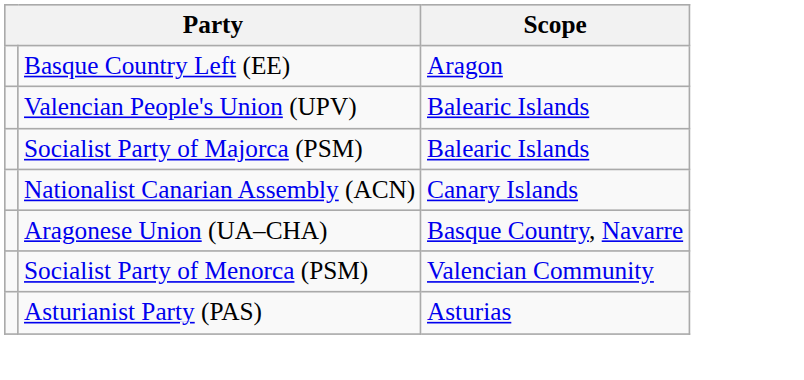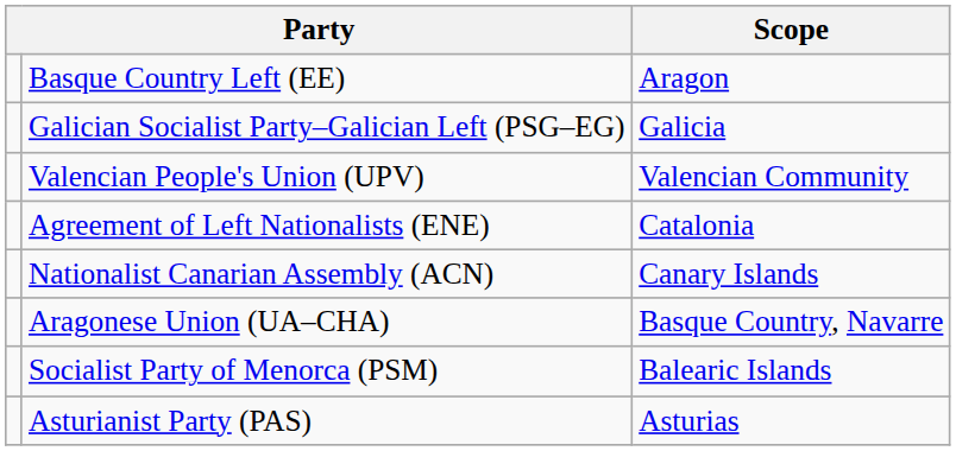 <table class="wikitable" style="text-align:left; font-size:97%;">
 <tr>
 <th colspan="2">Party</th>
 <th>Scope</th>
 </tr>
 <tr>
 <td width="1"></td>
 <td><a href='#'>Basque Country Left</a> (EE)</td>
 <td><a href='#'>Aragon</a></td>
 </tr>
 <tr>
 <td></td>
-<td><a href='#'>Valencian People's Union</a> (UPV)</td>
-<td><a href='#'>Balearic Islands</a></td>
+<td><a href='#'>Galician Socialist Party–Galician Left</a> (PSG–EG)</td>
+<td><a href='#'>Galicia</a></td>
 </tr>
 <tr>
 <td></td>
-<td><a href='#'>Socialist Party of Majorca</a> (PSM)</td>
-<td><a href='#'>Balearic Islands</a></td>
+<td><a href='#'>Valencian People's Union</a> (UPV)</td>
+<td><a href='#'>Valencian Community</a></td>
+</tr>
+<tr>
+<td></td>
+<td><a href='#'>Agreement of Left Nationalists</a> (ENE)</td>
+<td><a href='#'>Catalonia</a></td>
 </tr>
 <tr>
 <td></td>
 <td><a href='#'>Nationalist Canarian Assembly</a> (ACN)</td>
 <td><a href='#'>Canary Islands</a></td>
 </tr>
 <tr>
 <td></td>
 <td><a href='#'>Aragonese Union</a> (UA–CHA)</td>
 <td><a href='#'>Basque Country</a>, <a href='#'>Navarre</a></td>
 </tr>
 <tr>
 <td></td>
 <td><a href='#'>Socialist Party of Menorca</a> (PSM)</td>
-<td><a href='#'>Valencian Community</a></td>
+<td><a href='#'>Balearic Islands</a></td>
 </tr>
 <tr>
 <td></td>
 <td><a href='#'>Asturianist Party</a> (PAS)</td>
 <td><a href='#'>Asturias</a></td>
 </tr>
 </table>
